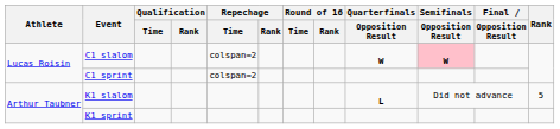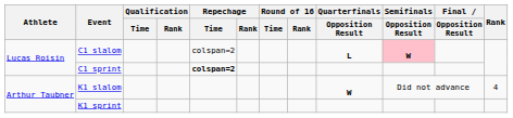 <table class="wikitable" style="font-size:90%;">
 <tr>
 <th rowspan=2>Athlete</th>
 <th rowspan=2>Event</th>
 <th colspan=2>Qualification</th>
 <th colspan=2>Repechage</th>
 <th colspan=2>Round of 16</th>
 <th>Quarterfinals</th>
 <th>Semifinals</th>
 <th>Final / </th>
 <th rowspan=2>Rank</th>
 </tr>
 <tr style="font-size:95%">
 <th>Time</th>
 <th>Rank</th>
 <th>Time</th>
 <th>Rank</th>
 <th>Time</th>
 <th>Rank</th>
 <th>Opposition <br>Result</th>
 <th>Opposition <br>Result</th>
 <th>Opposition <br>Result</th>
 </tr>
 <tr align=center>
 <td rowspan=2 align=left><a href='#'>Lucas Roisin</a></td>
 <td align=left><a href='#'>C1 slalom</a></td>
 <td></td>
 <td></td>
 <td>colspan=2 </td>
 <td></td>
 <td></td>
 <td></td>
-<td> <br> <strong>W</strong></td>
+<td><br><strong>L</strong></td>
 <td style="background: pink;"> <br> <strong>W</strong></td>
 <td></td>
 </tr>
 <tr>
 <td align=left><a href='#'>C1 sprint</a></td>
 <td></td>
 <td></td>
-<td>colspan=2 </td>
+<td><strong>colspan=2 </strong></td>
 <td></td>
 <td></td>
 <td></td>
 <td></td>
 <td></td>
 <td></td>
 </tr>
 <tr align=center>
 <td rowspan=2 align=left><a href='#'>Arthur Taubner</a></td>
 <td align=left><a href='#'>K1 slalom</a></td>
 <td></td>
 <td></td>
 <td></td>
 <td></td>
 <td></td>
 <td></td>
-<td><br><strong>L</strong></td>
+<td> <br> <strong>W</strong></td>
 <td colspan=2>Did not advance</td>
-<td>5</td>
+<td>4</td>
 </tr>
 <tr>
 <td align=left><a href='#'>K1 sprint</a></td>
 <td></td>
 <td></td>
 <td></td>
 <td></td>
 <td></td>
 <td></td>
 <td></td>
 <td></td>
 <td></td>
 <td></td>
 </tr>
 </table>
